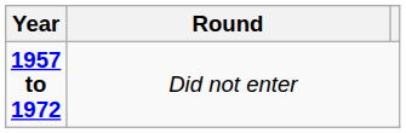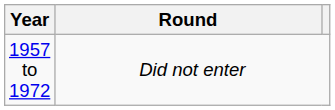 <table class="wikitable" style="text-align: center; font-size:90%">
 <tr>
 <th>Year</th>
 <th style="width:200px">Round</th>
 <th></th>
 </tr>
 <tr>
-<td><strong><a href='#'>1957</a><br>to<br><a href='#'>1972</a></strong></td>
+<td><a href='#'>1957</a><br>to<br><a href='#'>1972</a></td>
 <td colspan="2"><em>Did not enter</em></td>
 </tr>
 </table>
